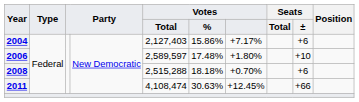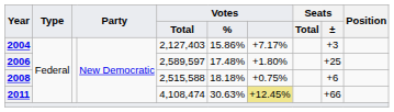 <table class="wikitable" style="font-size:90%; text-align:center;">
 <tr>
 <th rowspan="2" style="background:#eaecf0;">Year</th>
 <th rowspan="2" style="background:#eaecf0;">Type</th>
 <th colspan="2" rowspan="2" style="background:#eaecf0;">Party</th>
 <th colspan="3" style="background:#eaecf0;">Votes</th>
 <th colspan="2">Seats</th>
 <th rowspan="2">Position</th>
 </tr>
 <tr>
 <th style="background:#eaecf0;">Total</th>
 <th style="background:#eaecf0;">%</th>
 <th style="background:#eaecf0;"></th>
 <th>Total</th>
 <th>±</th>
 </tr>
 <tr>
 <th><a href='#'>2004</a></th>
 <td rowspan="4">Federal</td>
 <td rowspan="4" style="background-color:"></td>
 <td rowspan="4"><a href='#'>New Democratic</a></td>
 <td>2,127,403</td>
 <td>15.86%</td>
 <td>+7.17%</td>
 <td></td>
-<td>+6</td>
+<td>+3</td>
 <td></td>
 </tr>
 <tr>
 <th><a href='#'>2006</a></th>
 <td>2,589,597</td>
 <td>17.48%</td>
 <td>+1.80%</td>
 <td></td>
-<td>+10</td>
+<td>+25</td>
 <td></td>
 </tr>
 <tr>
 <th><a href='#'>2008</a></th>
-<td>2,515,288</td>
+<td>2,515,588</td>
 <td>18.18%</td>
-<td>+0.70%</td>
+<td>+0.75%</td>
 <td></td>
 <td>+6</td>
 <td></td>
 </tr>
 <tr>
 <th><a href='#'>2011</a></th>
 <td>4,108,474</td>
 <td>30.63%</td>
-<td>+12.45%</td>
+<td style="background: khaki;">+12.45%</td>
 <td></td>
 <td>+66</td>
 <td></td>
 </tr>
 <tr>
 <th colspan="10" style="background:#eaecf0;"></th>
 </tr>
 </table>
